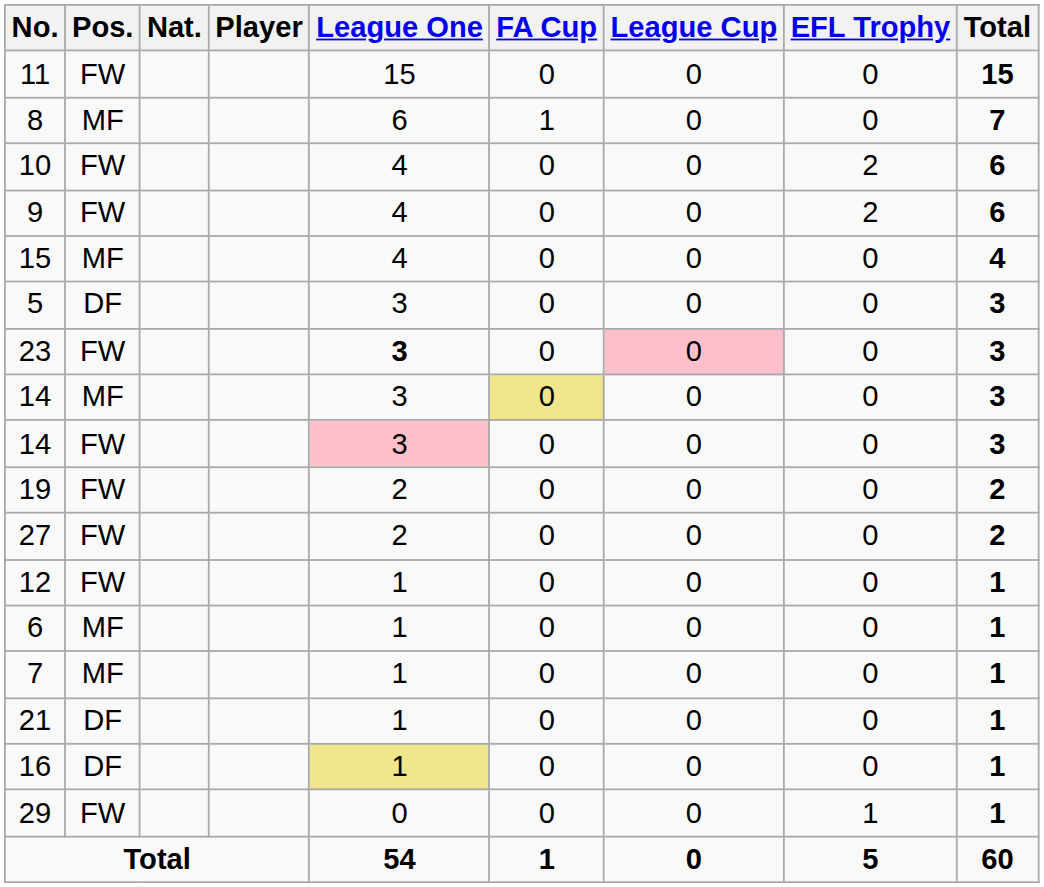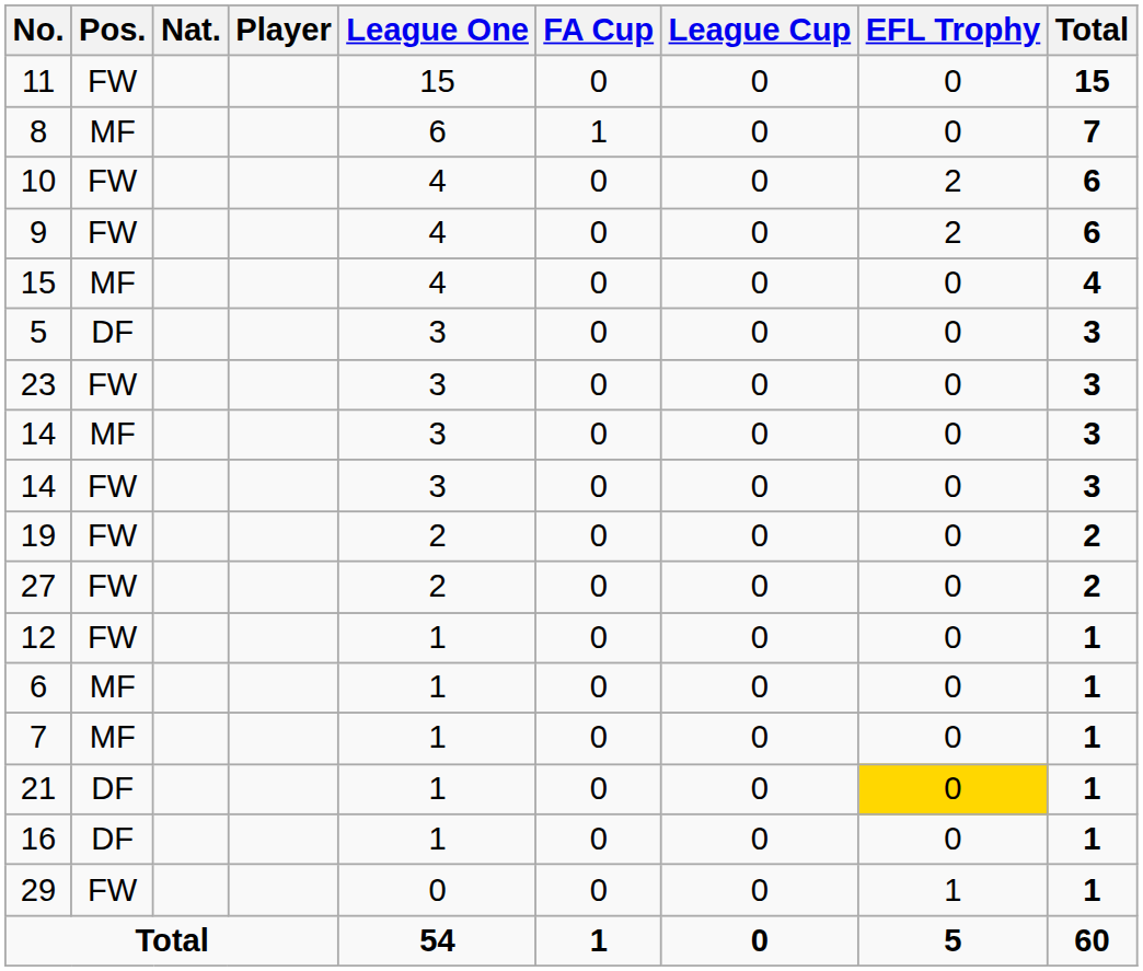 <table class="wikitable sortable" style="text-align:center">
 <tr>
 <th>No.</th>
 <th>Pos.</th>
 <th>Nat.</th>
 <th>Player</th>
 <th><a href='#'>League One</a></th>
 <th><a href='#'>FA Cup</a></th>
 <th><a href='#'>League Cup</a></th>
 <th><a href='#'>EFL Trophy</a></th>
 <th>Total</th>
 </tr>
 <tr>
 <td>11</td>
 <td>FW</td>
 <td></td>
 <td align=left></td>
 <td>15</td>
 <td>0</td>
 <td>0</td>
 <td>0</td>
 <td><strong>15</strong></td>
 </tr>
 <tr>
 <td>8</td>
 <td>MF</td>
 <td></td>
 <td align=left></td>
 <td>6</td>
 <td>1</td>
 <td>0</td>
 <td>0</td>
 <td><strong>7</strong></td>
 </tr>
 <tr>
 <td>10</td>
 <td>FW</td>
 <td></td>
 <td align=left></td>
 <td>4</td>
 <td>0</td>
 <td>0</td>
 <td>2</td>
 <td><strong>6</strong></td>
 </tr>
 <tr>
 <td>9</td>
 <td>FW</td>
 <td></td>
 <td align=left></td>
 <td>4</td>
 <td>0</td>
 <td>0</td>
 <td>2</td>
 <td><strong>6</strong></td>
 </tr>
 <tr>
 <td>15</td>
 <td>MF</td>
 <td></td>
 <td align=left></td>
 <td>4</td>
 <td>0</td>
 <td>0</td>
 <td>0</td>
 <td><strong>4</strong></td>
 </tr>
 <tr>
 <td>5</td>
 <td>DF</td>
 <td></td>
 <td align=left></td>
 <td>3</td>
 <td>0</td>
 <td>0</td>
 <td>0</td>
 <td><strong>3</strong></td>
 </tr>
 <tr>
 <td>23</td>
 <td>FW</td>
 <td></td>
 <td align=left></td>
-<td><strong>3</strong></td>
+<td>3</td>
 <td>0</td>
-<td style="background: pink;">0</td>
+<td>0</td>
 <td>0</td>
 <td><strong>3</strong></td>
 </tr>
 <tr>
 <td>14</td>
 <td>MF</td>
 <td></td>
 <td align=left></td>
 <td>3</td>
-<td style="background: khaki;">0</td>
+<td>0</td>
 <td>0</td>
 <td>0</td>
 <td><strong>3</strong></td>
 </tr>
 <tr>
 <td>14</td>
 <td>FW</td>
 <td></td>
 <td align=left></td>
-<td style="background: pink;">3</td>
+<td>3</td>
 <td>0</td>
 <td>0</td>
 <td>0</td>
 <td><strong>3</strong></td>
 </tr>
 <tr>
 <td>19</td>
 <td>FW</td>
 <td></td>
 <td align=left></td>
 <td>2</td>
 <td>0</td>
 <td>0</td>
 <td>0</td>
 <td><strong>2</strong></td>
 </tr>
 <tr>
 <td>27</td>
 <td>FW</td>
 <td></td>
 <td align=left></td>
 <td>2</td>
 <td>0</td>
 <td>0</td>
 <td>0</td>
 <td><strong>2</strong></td>
 </tr>
 <tr>
 <td>12</td>
 <td>FW</td>
 <td></td>
 <td align=left></td>
 <td>1</td>
 <td>0</td>
 <td>0</td>
 <td>0</td>
 <td><strong>1</strong></td>
 </tr>
 <tr>
 <td>6</td>
 <td>MF</td>
 <td></td>
 <td align=left></td>
 <td>1</td>
 <td>0</td>
 <td>0</td>
 <td>0</td>
 <td><strong>1</strong></td>
 </tr>
 <tr>
 <td>7</td>
 <td>MF</td>
 <td></td>
 <td align=left></td>
 <td>1</td>
 <td>0</td>
 <td>0</td>
 <td>0</td>
 <td><strong>1</strong></td>
 </tr>
 <tr>
 <td>21</td>
 <td>DF</td>
 <td></td>
 <td align=left></td>
 <td>1</td>
 <td>0</td>
 <td>0</td>
-<td>0</td>
+<td style="background: gold;">0</td>
 <td><strong>1</strong></td>
 </tr>
 <tr>
 <td>16</td>
 <td>DF</td>
 <td></td>
 <td align=left></td>
-<td style="background: khaki;">1</td>
+<td>1</td>
 <td>0</td>
 <td>0</td>
 <td>0</td>
 <td><strong>1</strong></td>
 </tr>
 <tr>
 <td>29</td>
 <td>FW</td>
 <td></td>
 <td align=left></td>
 <td>0</td>
 <td>0</td>
 <td>0</td>
 <td>1</td>
 <td><strong>1</strong></td>
 </tr>
 <tr class="sortbottom">
 <td colspan=4><strong>Total</strong></td>
 <td colspan=1><strong>54</strong></td>
 <td colspan=1><strong>1</strong></td>
 <td colspan=1><strong>0</strong></td>
 <td colspan=1><strong>5</strong></td>
 <td colspan=1><strong>60</strong></td>
 </tr>
 </table>
